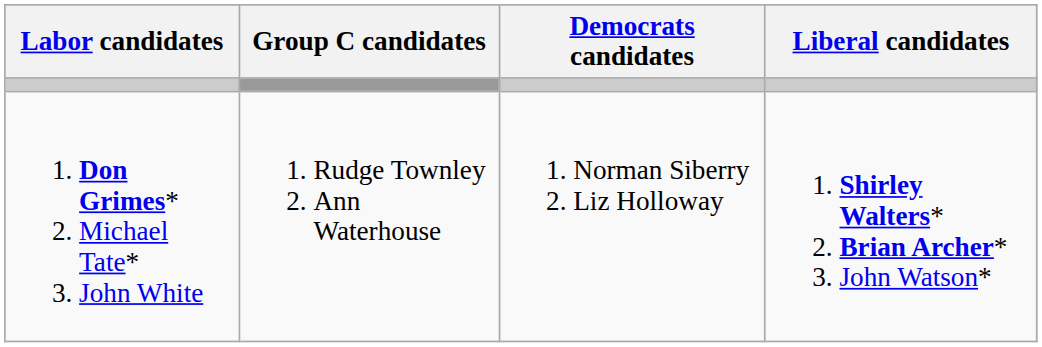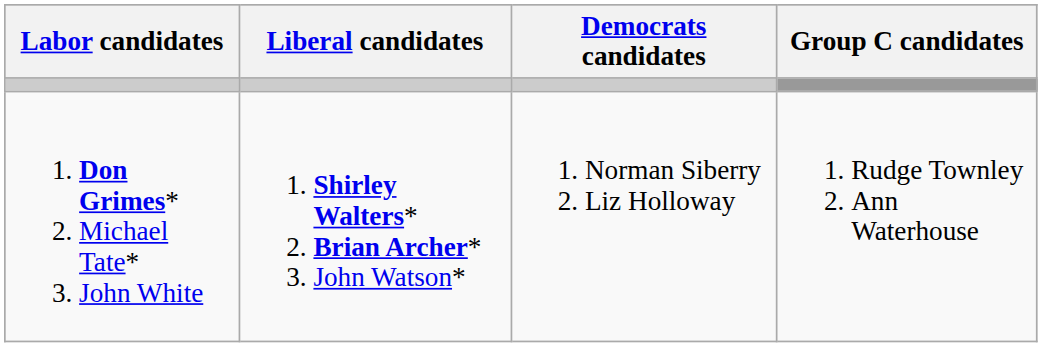 <table class="wikitable">
 <tr>
 <th><a href='#'>Labor</a> candidates</th>
+<th><a href='#'>Liberal</a> candidates</th>
+<th><a href='#'>Democrats</a> candidates</th>
 <th>Group C candidates</th>
-<th><a href='#'>Democrats</a> candidates</th>
-<th><a href='#'>Liberal</a> candidates</th>
 </tr>
 <tr bgcolor="#cccccc">
 <td></td>
-<td bgcolor="#999999"></td>
 <td></td>
 <td></td>
+<td bgcolor="#999999"></td>
 </tr>
 <tr>
 <td><br><ol><li><strong><a href='#'>Don Grimes</a></strong>*</li><li><a href='#'>Michael Tate</a>*</li><li><a href='#'>John White</a></li></ol></td>
+<td><br><ol><li><strong><a href='#'>Shirley Walters</a></strong>*</li><li><strong><a href='#'>Brian Archer</a></strong>*</li><li><a href='#'>John Watson</a>*</li></ol></td>
+<td valign=top><br><ol><li>Norman Siberry</li><li>Liz Holloway</li></ol></td>
 <td valign=top><br><ol><li>Rudge Townley</li><li>Ann Waterhouse</li></ol></td>
-<td valign=top><br><ol><li>Norman Siberry</li><li>Liz Holloway</li></ol></td>
-<td><br><ol><li><strong><a href='#'>Shirley Walters</a></strong>*</li><li><strong><a href='#'>Brian Archer</a></strong>*</li><li><a href='#'>John Watson</a>*</li></ol></td>
 </tr>
 </table>
